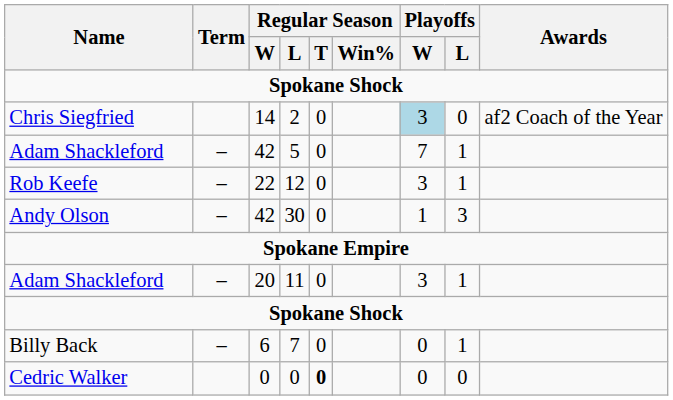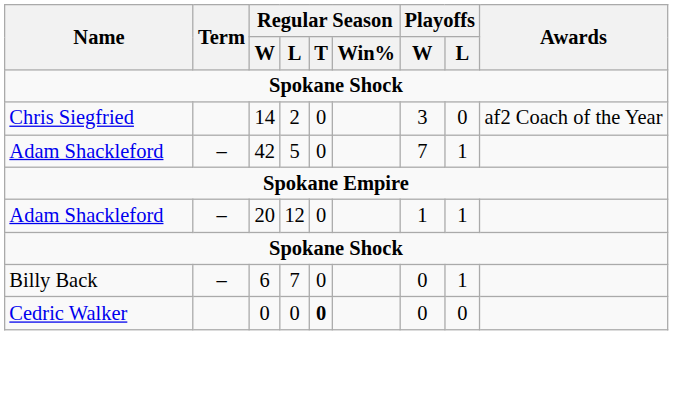 <table class="wikitable" style="text-align:center">
 <tr>
 <th rowspan="2" style="width:140px;">Name</th>
 <th rowspan="2">Term</th>
 <th colspan="4">Regular Season</th>
 <th colspan="2">Playoffs</th>
 <th rowspan="2">Awards</th>
 </tr>
 <tr>
 <th>W</th>
 <th>L</th>
 <th>T</th>
 <th>Win%</th>
 <th>W</th>
 <th>L</th>
 </tr>
 <tr>
 <td align="center" colspan="9"><strong>Spokane Shock</strong></td>
 </tr>
 <tr>
 <td align=left><a href='#'>Chris Siegfried</a></td>
 <td></td>
 <td>14</td>
 <td>2</td>
 <td>0</td>
 <td></td>
-<td style="background: lightblue;">3</td>
+<td>3</td>
 <td>0</td>
 <td style="text-align:left;">af2 Coach of the Year</td>
 </tr>
 <tr>
 <td style="text-align:left;"><a href='#'>Adam Shackleford</a></td>
 <td>–</td>
 <td>42</td>
 <td>5</td>
 <td>0</td>
 <td></td>
 <td>7</td>
 <td>1</td>
 <td style="text-align:left;"></td>
 </tr>
 <tr>
-<td style="text-align:left;"><a href='#'>Rob Keefe</a></td>
-<td>–</td>
-<td>22</td>
-<td>12</td>
-<td>0</td>
-<td></td>
-<td>3</td>
-<td>1</td>
-<td style="text-align:left;"></td>
-</tr>
-<tr>
-<td style="text-align:left;"><a href='#'>Andy Olson</a></td>
-<td>–</td>
-<td>42</td>
-<td>30</td>
-<td>0</td>
-<td></td>
-<td>1</td>
-<td>3</td>
-<td style="text-align:left;"></td>
-</tr>
-<tr>
 <td align="center" colspan="9"><strong>Spokane Empire</strong></td>
 </tr>
 <tr>
 <td style="text-align:left;"><a href='#'>Adam Shackleford</a></td>
 <td>–</td>
 <td>20</td>
-<td>11</td>
+<td>12</td>
 <td>0</td>
 <td></td>
-<td>3</td>
+<td>1</td>
 <td>1</td>
 <td style="text-align:left;"></td>
 </tr>
 <tr>
 <td align="center" colspan="9"><strong>Spokane Shock</strong></td>
 </tr>
 <tr>
 <td style="text-align:left;">Billy Back</td>
 <td>–</td>
 <td>6</td>
 <td>7</td>
 <td>0</td>
 <td></td>
 <td>0</td>
 <td>1</td>
 <td style="text-align:left;"></td>
 </tr>
 <tr>
 <td style="text-align:left;"><a href='#'>Cedric Walker</a></td>
 <td></td>
 <td>0</td>
 <td>0</td>
 <td><strong>0</strong></td>
 <td></td>
 <td>0</td>
 <td>0</td>
 <td style="Team "></td>
 </tr>
 </table>
